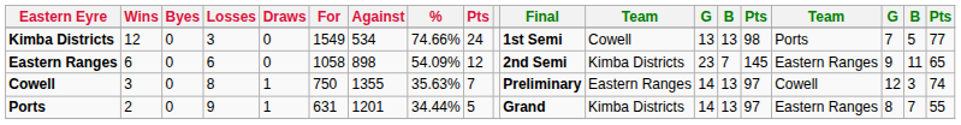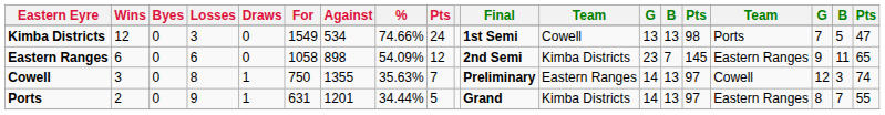 <table style="font-size: 85%; text-align: left;" class="wikitable">
 <tr>
 <th style="color:crimson">Eastern Eyre</th>
 <th style="color:crimson">Wins</th>
 <th style="color:crimson">Byes</th>
 <th style="color:crimson">Losses</th>
 <th style="color:crimson">Draws</th>
 <th style="color:crimson">For</th>
 <th style="color:crimson">Against</th>
 <th style="color:crimson">%</th>
 <th style="color:crimson">Pts</th>
 <th></th>
 <th style="color:green">Final</th>
 <th style="color:green">Team</th>
 <th style="color:green">G</th>
 <th style="color:green">B</th>
 <th style="color:green">Pts</th>
 <th style="color:green">Team</th>
 <th style="color:green">G</th>
 <th style="color:green">B</th>
 <th style="color:green">Pts</th>
 </tr>
 <tr>
 </tr>
 <tr>
 </tr>
 <tr>
 <td><strong>	Kimba Districts	</strong></td>
 <td>12</td>
 <td>0</td>
 <td>3</td>
 <td>0</td>
 <td>1549</td>
 <td>534</td>
 <td>74.66%</td>
 <td>24</td>
 <td></td>
 <td><strong>1st Semi</strong></td>
 <td>Cowell</td>
 <td>13</td>
 <td>13</td>
 <td>98</td>
 <td>Ports</td>
 <td>7</td>
 <td>5</td>
-<td>77</td>
+<td>47</td>
 </tr>
 <tr>
 <td><strong>	Eastern Ranges	</strong></td>
 <td>6</td>
 <td>0</td>
 <td>6</td>
 <td>0</td>
 <td>1058</td>
 <td>898</td>
 <td>54.09%</td>
 <td>12</td>
 <td></td>
 <td><strong>2nd Semi</strong></td>
 <td>Kimba Districts</td>
 <td>23</td>
 <td>7</td>
 <td>145</td>
 <td>Eastern Ranges</td>
 <td>9</td>
 <td>11</td>
 <td>65</td>
 </tr>
 <tr>
 <td><strong>	Cowell	</strong></td>
 <td>3</td>
 <td>0</td>
 <td>8</td>
 <td>1</td>
 <td>750</td>
 <td>1355</td>
 <td>35.63%</td>
 <td>7</td>
 <td></td>
 <td><strong>Preliminary</strong></td>
 <td>Eastern Ranges</td>
 <td>14</td>
 <td>13</td>
 <td>97</td>
 <td>Cowell</td>
 <td>12</td>
 <td>3</td>
 <td>74</td>
 </tr>
 <tr>
 <td><strong>	Ports	</strong></td>
 <td>2</td>
 <td>0</td>
 <td>9</td>
 <td>1</td>
 <td>631</td>
 <td>1201</td>
 <td>34.44%</td>
 <td>5</td>
 <td></td>
 <td><strong>Grand</strong></td>
 <td>Kimba Districts</td>
 <td>14</td>
 <td>13</td>
 <td>97</td>
 <td>Eastern Ranges</td>
 <td>8</td>
 <td>7</td>
 <td>55</td>
 </tr>
 <tr>
 </tr>
 </table>
